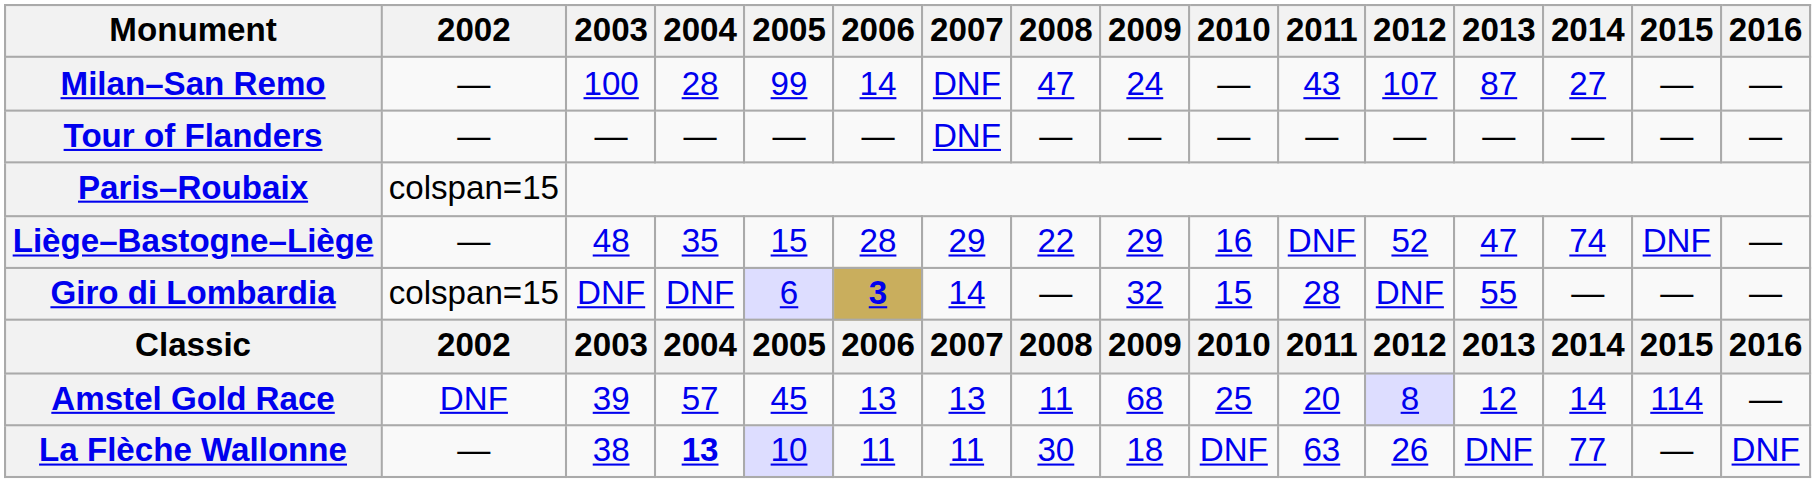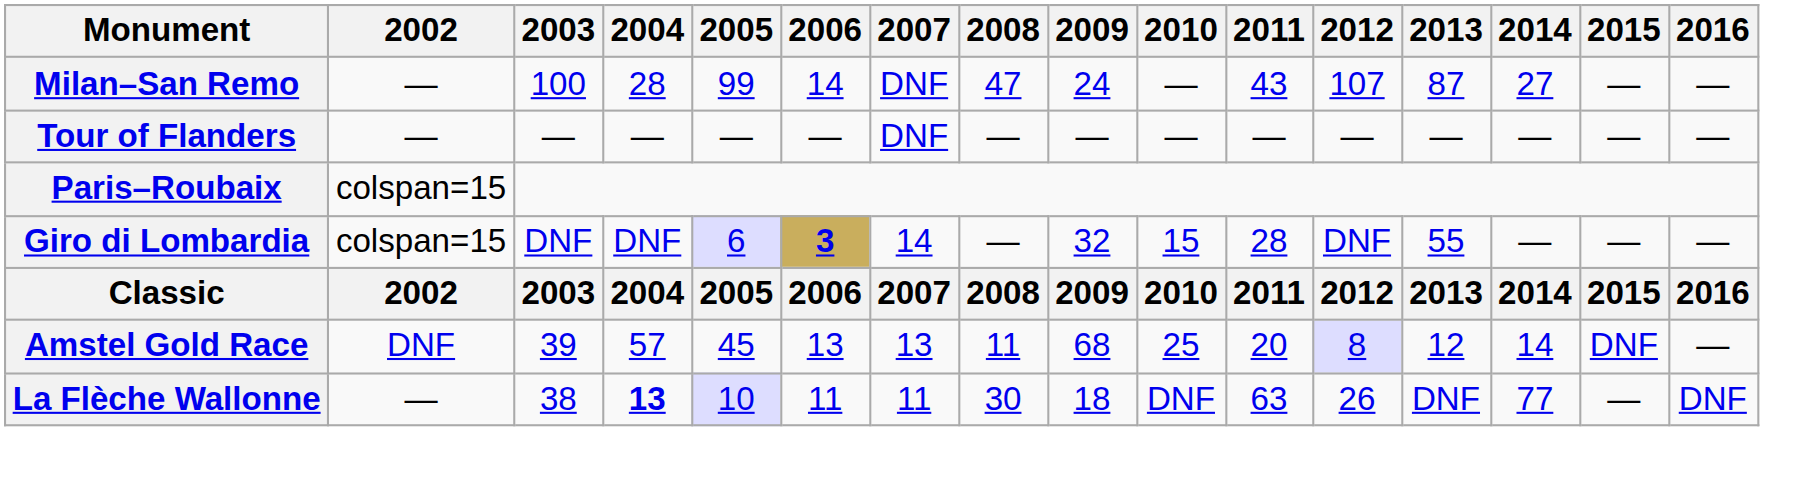 <table class="wikitable plainrowheaders">
 <tr>
 <th>Monument</th>
 <th scope="col">2002</th>
 <th scope="col">2003</th>
 <th scope="col">2004</th>
 <th scope="col">2005</th>
 <th scope="col">2006</th>
 <th scope="col">2007</th>
 <th scope="col">2008</th>
 <th scope="col">2009</th>
 <th scope="col">2010</th>
 <th scope="col">2011</th>
 <th scope="col">2012</th>
 <th scope="col">2013</th>
 <th scope="col">2014</th>
 <th scope="col">2015</th>
 <th scope="col">2016</th>
 </tr>
 <tr style="text-align:center;">
 <th scope="row"><a href='#'>Milan–San Remo</a></th>
 <td>—</td>
 <td><a href='#'>100</a></td>
 <td><a href='#'>28</a></td>
 <td><a href='#'>99</a></td>
 <td><a href='#'>14</a></td>
 <td><a href='#'>DNF</a></td>
 <td><a href='#'>47</a></td>
 <td><a href='#'>24</a></td>
 <td>—</td>
 <td><a href='#'>43</a></td>
 <td><a href='#'>107</a></td>
 <td><a href='#'>87</a></td>
 <td><a href='#'>27</a></td>
 <td>—</td>
 <td>—</td>
 </tr>
 <tr style="text-align:center;">
 <th scope="row"><a href='#'>Tour of Flanders</a></th>
 <td>—</td>
 <td>—</td>
 <td>—</td>
 <td>—</td>
 <td>—</td>
 <td><a href='#'>DNF</a></td>
 <td>—</td>
 <td>—</td>
 <td>—</td>
 <td>—</td>
 <td>—</td>
 <td>—</td>
 <td>—</td>
 <td>—</td>
 <td>—</td>
 </tr>
 <tr style="text-align:center;">
 <th scope="row"><a href='#'>Paris–Roubaix</a></th>
 <td>colspan=15 </td>
 </tr>
 <tr style="text-align:center;">
-<th scope="row"><a href='#'>Liège–Bastogne–Liège</a></th>
-<td>—</td>
-<td><a href='#'>48</a></td>
-<td><a href='#'>35</a></td>
-<td><a href='#'>15</a></td>
-<td><a href='#'>28</a></td>
-<td><a href='#'>29</a></td>
-<td><a href='#'>22</a></td>
-<td><a href='#'>29</a></td>
-<td><a href='#'>16</a></td>
-<td><a href='#'>DNF</a></td>
-<td><a href='#'>52</a></td>
-<td><a href='#'>47</a></td>
-<td><a href='#'>74</a></td>
-<td><a href='#'>DNF</a></td>
-<td>—</td>
-</tr>
-<tr style="text-align:center;">
 <th scope="row"><a href='#'>Giro di Lombardia</a></th>
 <td>colspan=15 </td>
 <td><a href='#'>DNF</a></td>
 <td><a href='#'>DNF</a></td>
 <td style="background:#ddddff;"><a href='#'>6</a></td>
 <td style="background:#C9AE5D;"><a href='#'><strong>3</strong></a></td>
 <td><a href='#'>14</a></td>
 <td>—</td>
 <td><a href='#'>32</a></td>
 <td><a href='#'>15</a></td>
 <td><a href='#'>28</a></td>
 <td><a href='#'>DNF</a></td>
 <td><a href='#'>55</a></td>
 <td>—</td>
 <td>—</td>
 <td>—</td>
 </tr>
 <tr>
 <th>Classic</th>
 <th scope="col">2002</th>
 <th scope="col">2003</th>
 <th scope="col">2004</th>
 <th scope="col">2005</th>
 <th scope="col">2006</th>
 <th scope="col">2007</th>
 <th scope="col">2008</th>
 <th scope="col">2009</th>
 <th scope="col">2010</th>
 <th scope="col">2011</th>
 <th scope="col">2012</th>
 <th scope="col">2013</th>
 <th scope="col">2014</th>
 <th scope="col">2015</th>
 <th scope="col">2016</th>
 </tr>
 <tr style="text-align:center;">
 <th scope="row"><a href='#'>Amstel Gold Race</a></th>
 <td><a href='#'>DNF</a></td>
 <td><a href='#'>39</a></td>
 <td><a href='#'>57</a></td>
 <td><a href='#'>45</a></td>
 <td><a href='#'>13</a></td>
 <td><a href='#'>13</a></td>
 <td><a href='#'>11</a></td>
 <td><a href='#'>68</a></td>
 <td><a href='#'>25</a></td>
 <td><a href='#'>20</a></td>
 <td style="background:#ddddff;"><a href='#'>8</a></td>
 <td><a href='#'>12</a></td>
 <td><a href='#'>14</a></td>
-<td><a href='#'>114</a></td>
+<td><a href='#'>DNF</a></td>
 <td>—</td>
 </tr>
 <tr style="text-align:center;">
 <th scope="row"><a href='#'>La Flèche Wallonne</a></th>
 <td>—</td>
 <td><a href='#'>38</a></td>
 <td><strong><a href='#'>13</a></strong></td>
 <td style="background:#ddddff;"><a href='#'>10</a></td>
 <td><a href='#'>11</a></td>
 <td><a href='#'>11</a></td>
 <td><a href='#'>30</a></td>
 <td><a href='#'>18</a></td>
 <td><a href='#'>DNF</a></td>
 <td><a href='#'>63</a></td>
 <td><a href='#'>26</a></td>
 <td><a href='#'>DNF</a></td>
 <td><a href='#'>77</a></td>
 <td>—</td>
 <td><a href='#'>DNF</a></td>
 </tr>
 </table>
